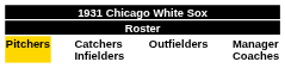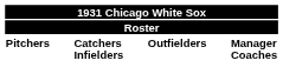 <table class="toccolours" style="font-size: 95%;">
 <tr>
 <th colspan="10" style="background-color: black; color: white; text-align: center;">1931 Chicago White Sox</th>
 </tr>
 <tr>
 <td colspan="10" style="background-color: black; color: white; text-align: center;"><strong>Roster</strong></td>
 </tr>
 <tr>
-<td valign="top" style="background: gold;"><strong>Pitchers</strong><br>           </td>
+<td valign="top"><strong>Pitchers</strong><br>           </td>
 <td width="25px"></td>
 <td valign="top"><strong>Catchers</strong><br>    <strong>Infielders</strong>       </td>
 <td width="25px"></td>
 <td valign="top"><strong>Outfielders</strong><br>        </td>
 <td width="25px"></td>
 <td valign="top"><strong>Manager</strong><br> <strong>Coaches</strong> </td>
 </tr>
 </table>
